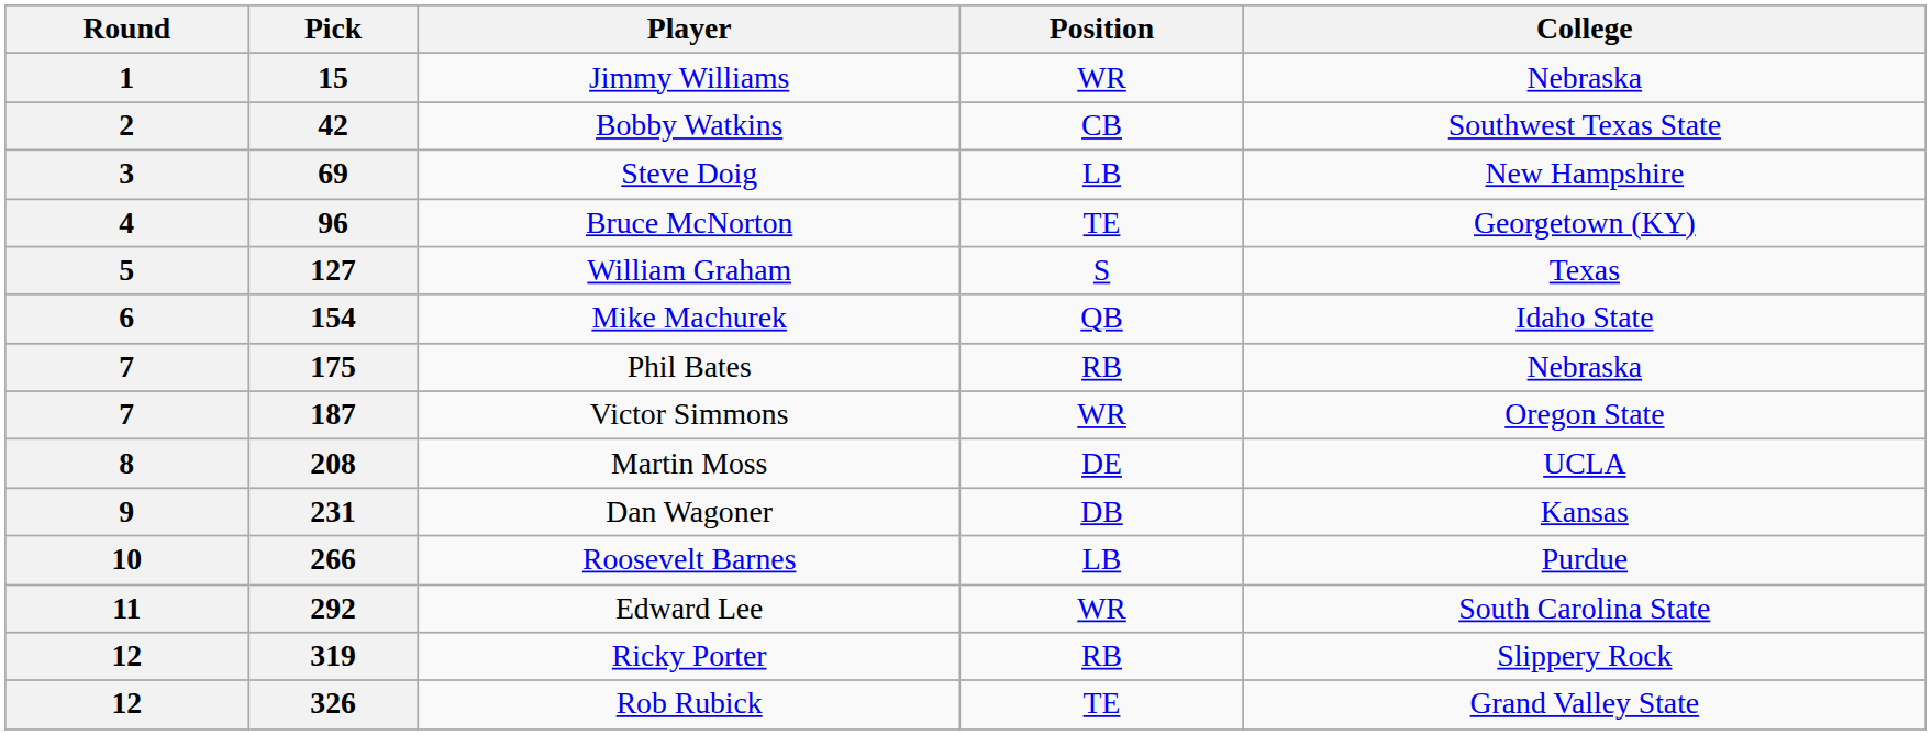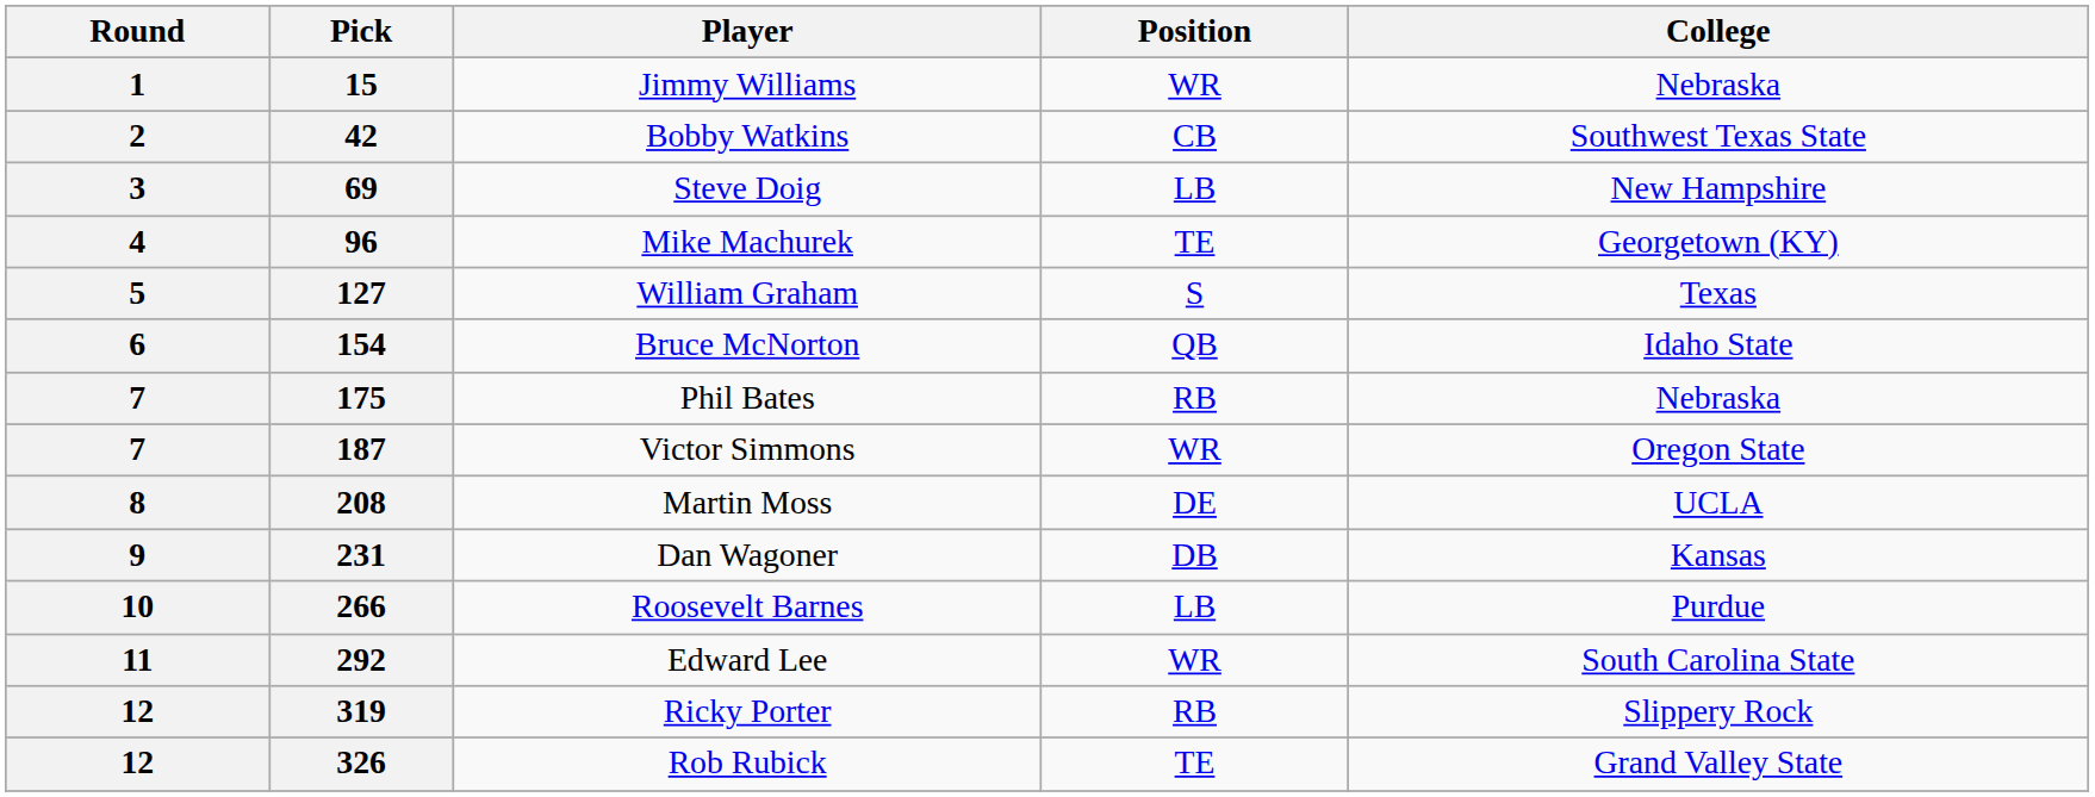 <table class="wikitable" style="width:80%;text-align:center;">
 <tr>
 <th>Round</th>
 <th>Pick</th>
 <th>Player</th>
 <th>Position</th>
 <th>College</th>
 </tr>
 <tr>
 <th>1</th>
 <th>15</th>
 <td><a href='#'>Jimmy Williams</a></td>
 <td><a href='#'>WR</a></td>
 <td><a href='#'>Nebraska</a></td>
 </tr>
 <tr>
 <th>2</th>
 <th>42</th>
 <td><a href='#'>Bobby Watkins</a></td>
 <td><a href='#'>CB</a></td>
 <td><a href='#'>Southwest Texas State</a></td>
 </tr>
 <tr>
 <th>3</th>
 <th>69</th>
 <td><a href='#'>Steve Doig</a></td>
 <td><a href='#'>LB</a></td>
 <td><a href='#'>New Hampshire</a></td>
 </tr>
 <tr>
 <th>4</th>
 <th>96</th>
-<td><a href='#'>Bruce McNorton</a></td>
+<td><a href='#'>Mike Machurek</a></td>
 <td><a href='#'>TE</a></td>
 <td><a href='#'>Georgetown (KY)</a></td>
 </tr>
 <tr>
 <th>5</th>
 <th>127</th>
 <td><a href='#'>William Graham</a></td>
 <td><a href='#'>S</a></td>
 <td><a href='#'>Texas</a></td>
 </tr>
 <tr>
 <th>6</th>
 <th>154</th>
-<td><a href='#'>Mike Machurek</a></td>
+<td><a href='#'>Bruce McNorton</a></td>
 <td><a href='#'>QB</a></td>
 <td><a href='#'>Idaho State</a></td>
 </tr>
 <tr>
 <th>7</th>
 <th>175</th>
 <td>Phil Bates</td>
 <td><a href='#'>RB</a></td>
 <td><a href='#'>Nebraska</a></td>
 </tr>
 <tr>
 <th>7</th>
 <th>187</th>
 <td>Victor Simmons</td>
 <td><a href='#'>WR</a></td>
 <td><a href='#'>Oregon State</a></td>
 </tr>
 <tr>
 <th>8</th>
 <th>208</th>
 <td>Martin Moss</td>
 <td><a href='#'>DE</a></td>
 <td><a href='#'>UCLA</a></td>
 </tr>
 <tr>
 <th>9</th>
 <th>231</th>
 <td>Dan Wagoner</td>
 <td><a href='#'>DB</a></td>
 <td><a href='#'>Kansas</a></td>
 </tr>
 <tr>
 <th>10</th>
 <th>266</th>
 <td><a href='#'>Roosevelt Barnes</a></td>
 <td><a href='#'>LB</a></td>
 <td><a href='#'>Purdue</a></td>
 </tr>
 <tr>
 <th>11</th>
 <th>292</th>
 <td>Edward Lee</td>
 <td><a href='#'>WR</a></td>
 <td><a href='#'>South Carolina State</a></td>
 </tr>
 <tr>
 <th>12</th>
 <th>319</th>
 <td><a href='#'>Ricky Porter</a></td>
 <td><a href='#'>RB</a></td>
 <td><a href='#'>Slippery Rock</a></td>
 </tr>
 <tr>
 <th>12</th>
 <th>326</th>
 <td><a href='#'>Rob Rubick</a></td>
 <td><a href='#'>TE</a></td>
 <td><a href='#'>Grand Valley State</a></td>
 </tr>
 </table>
